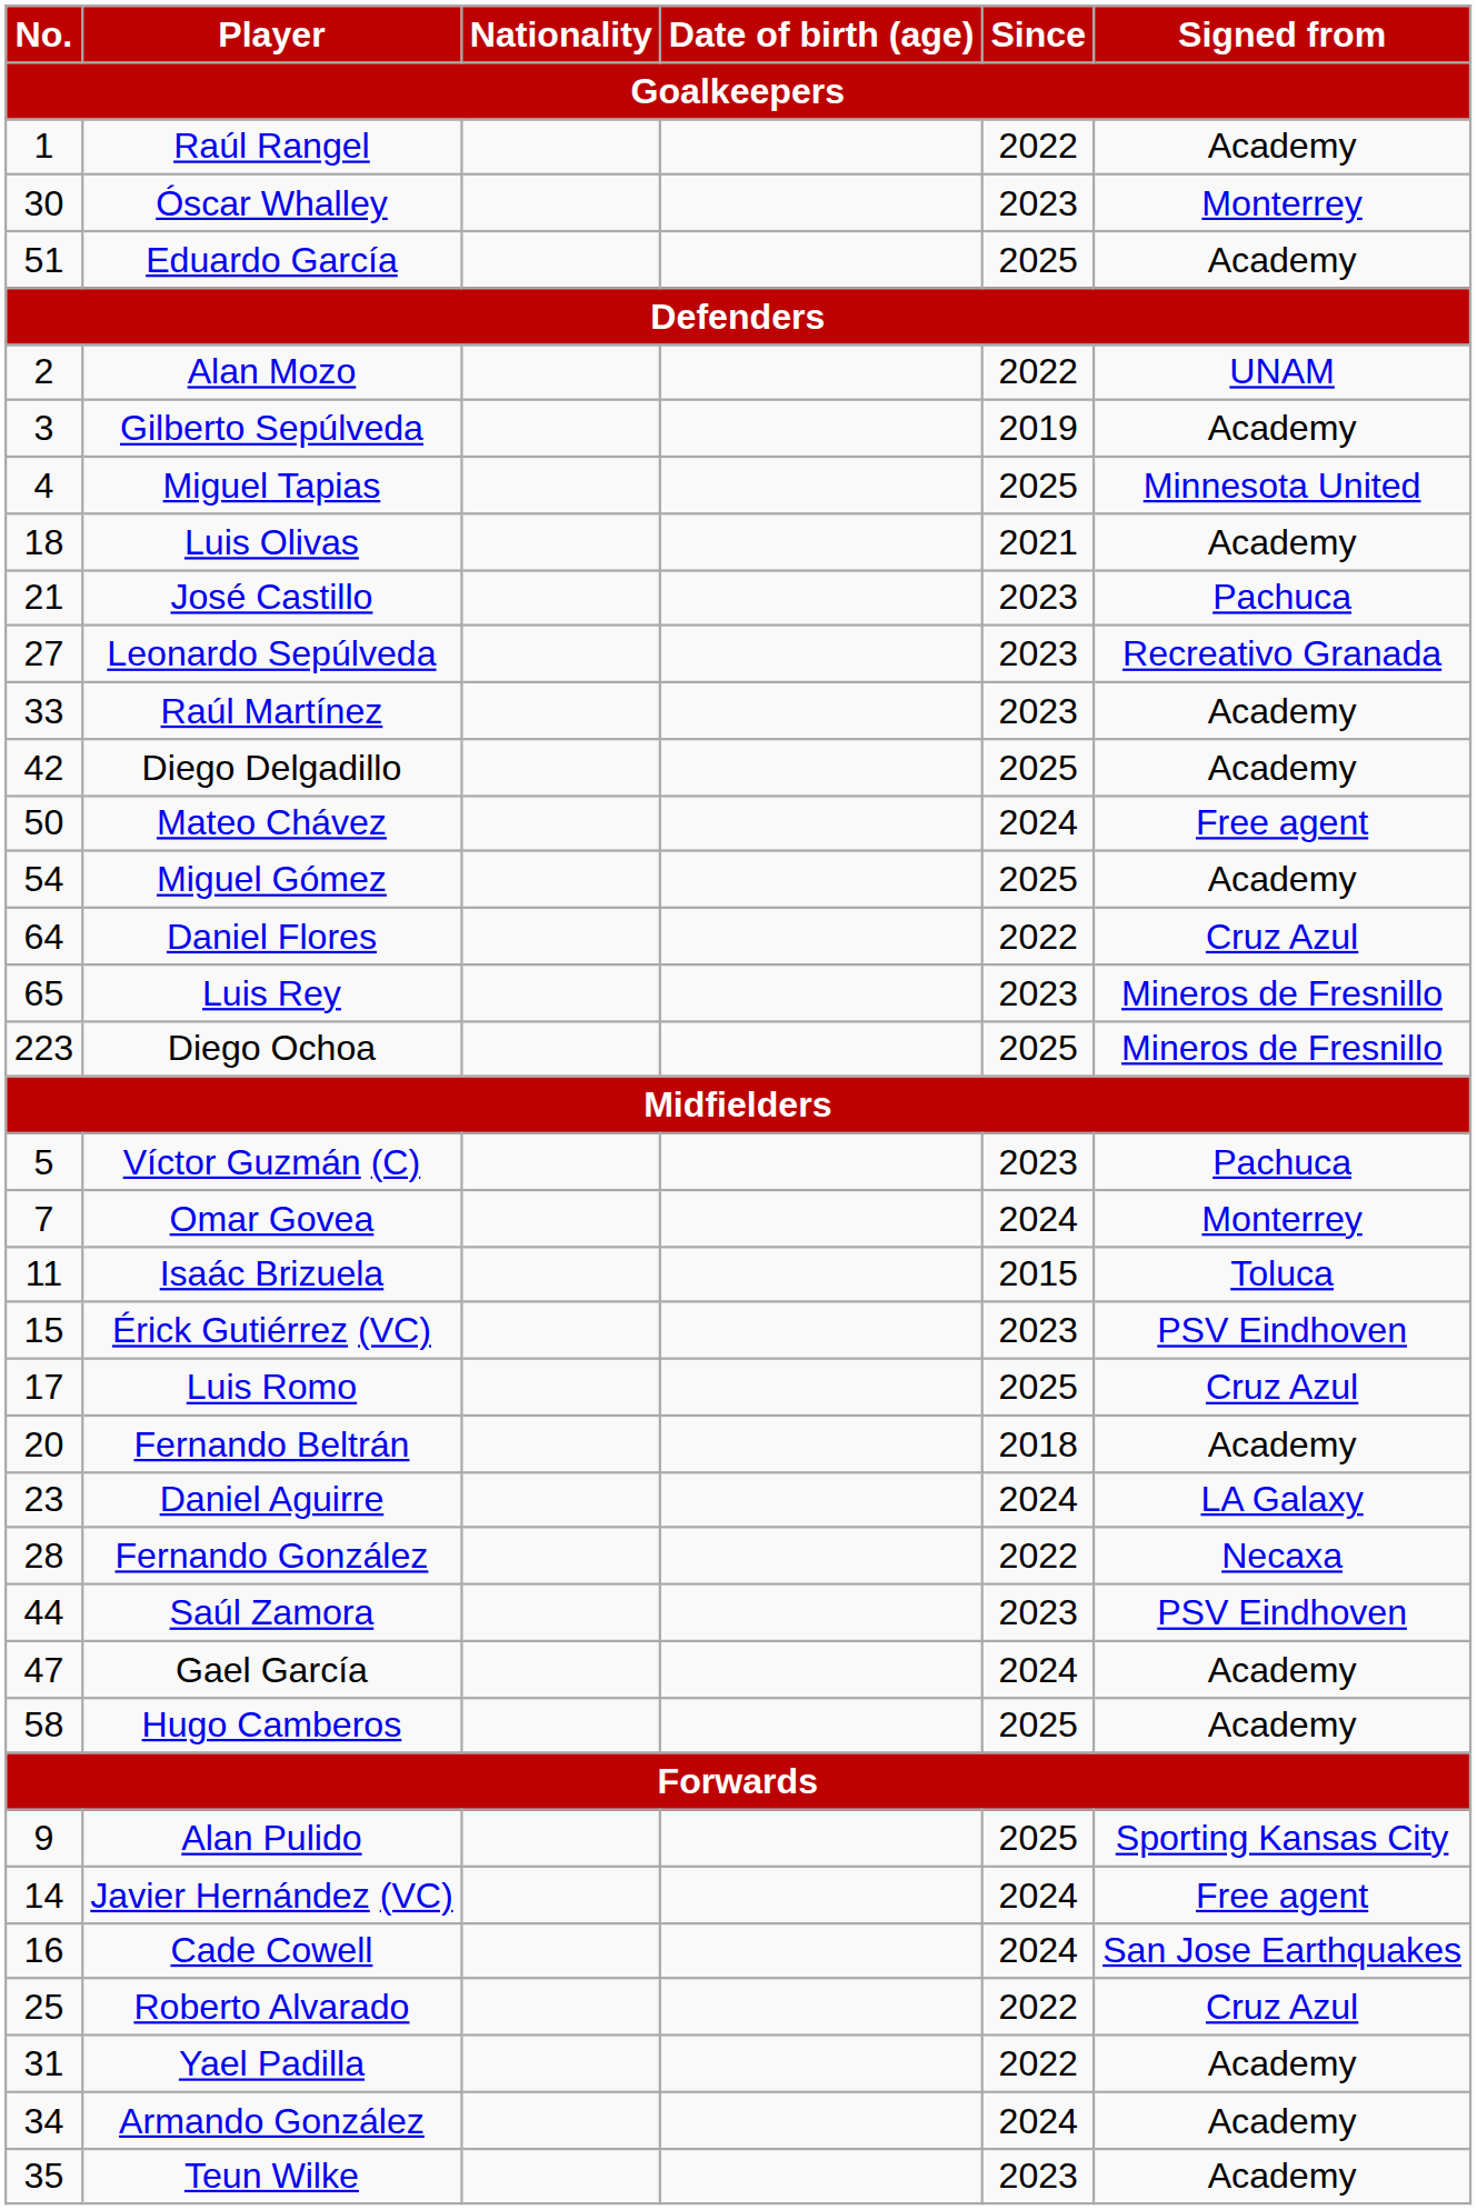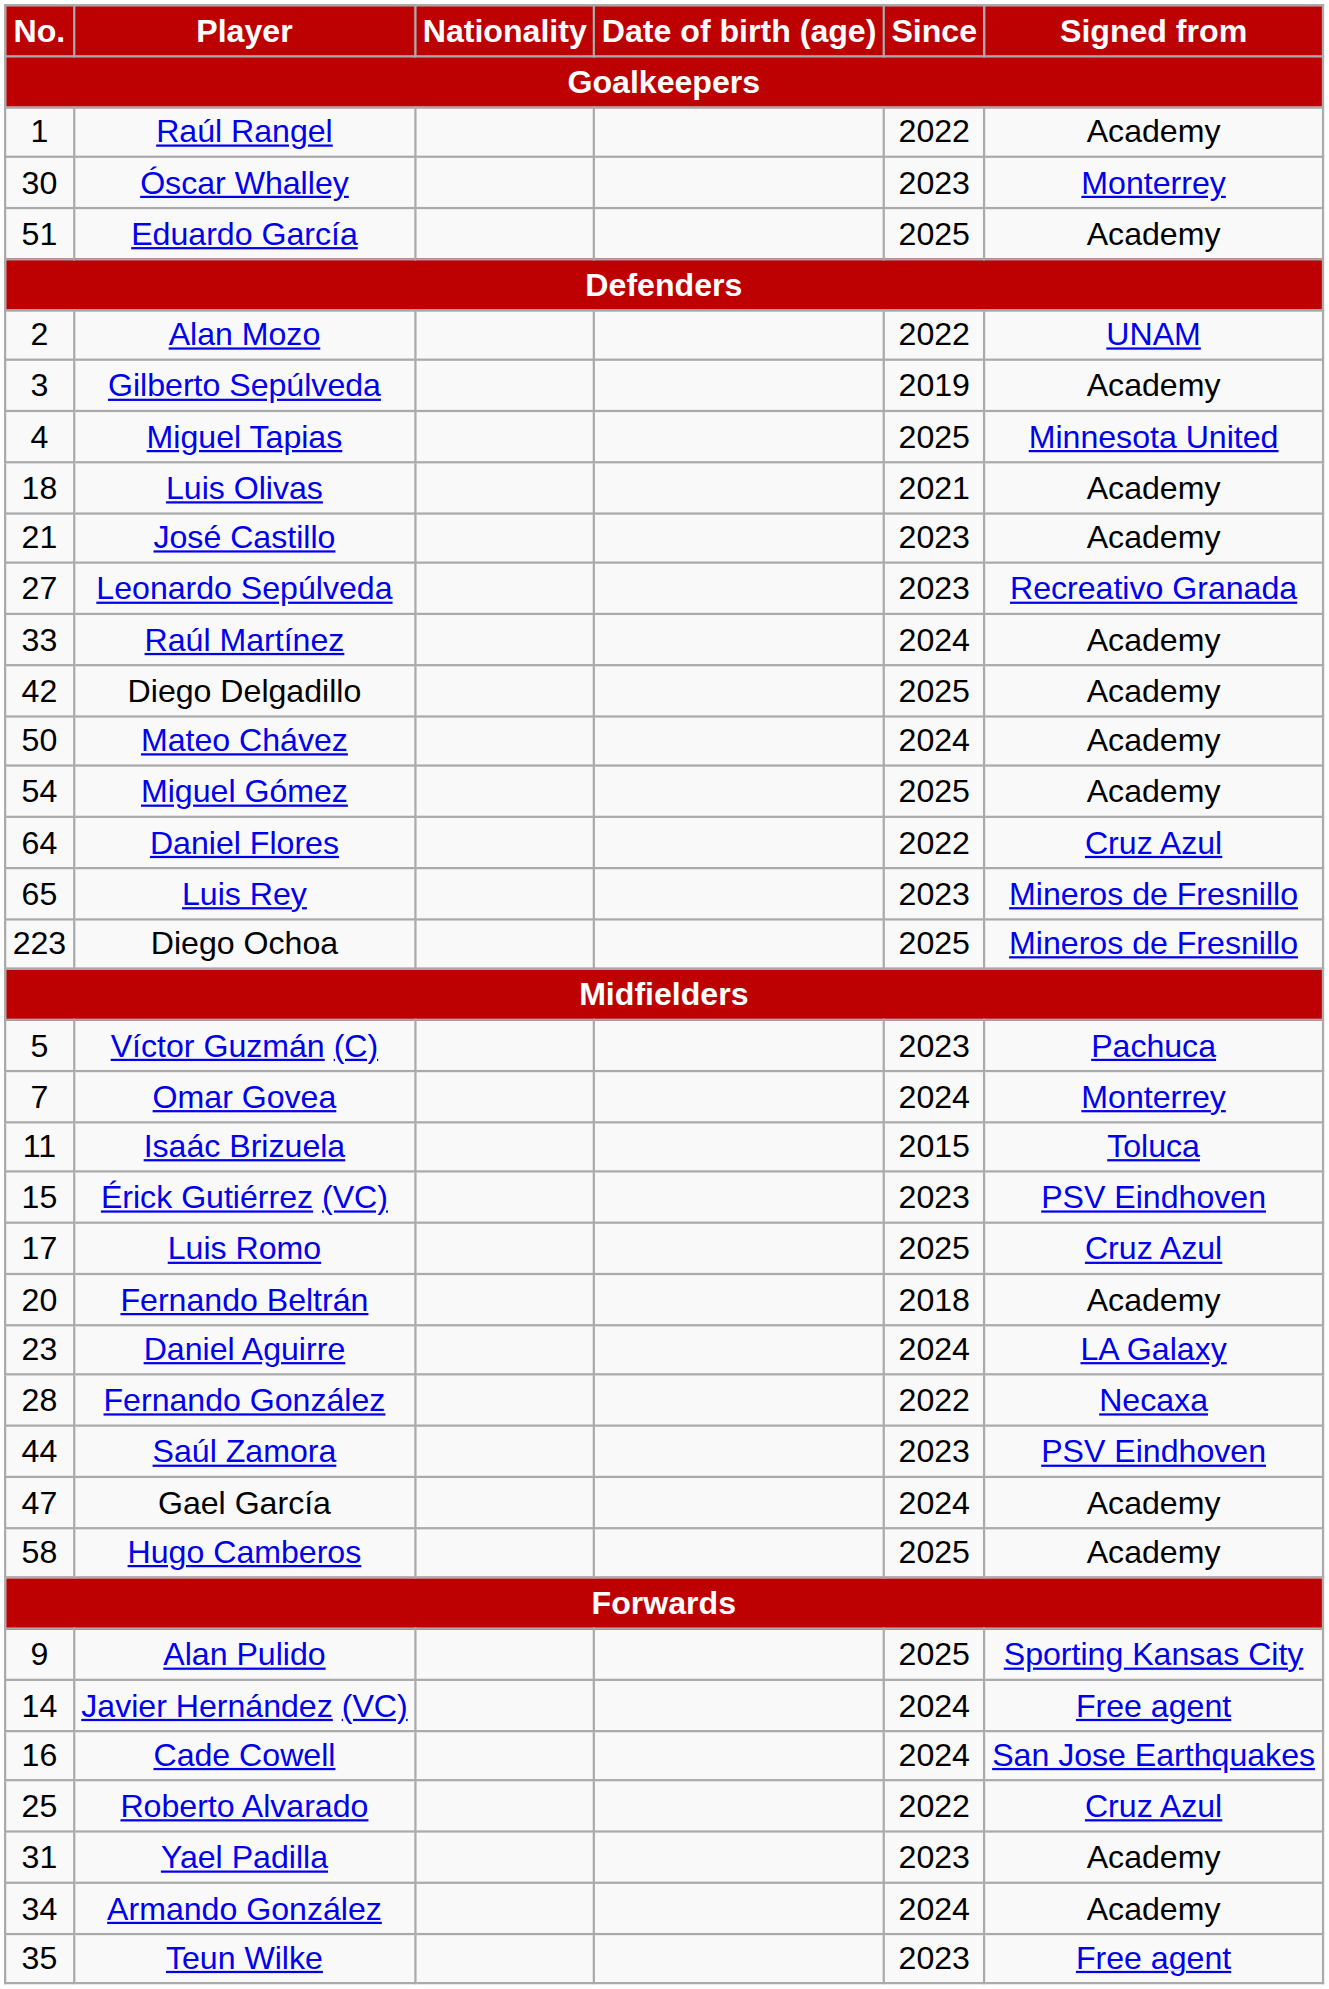 <table class="wikitable sortable" style="text-align:center; font-size:90%; white-space:nowrap;">
 <tr>
 <th style="background:#bd0102; color:white; text-align:center;">No.</th>
 <th style="background:#bd0102; color:white; text-align:center;">Player</th>
 <th style="background:#bd0102; color:white; text-align:center;">Nationality</th>
 <th style="background:#bd0102; color:white; text-align:center;">Date of birth (age)</th>
 <th style="background:#bd0102; color:white; text-align:center;">Since</th>
 <th style="background:#bd0102; color:white; text-align:center;">Signed from</th>
 </tr>
 <tr>
 <th colspan="10" style="background:#bd0102; color:white; text-align:center;"><strong>Goalkeepers</strong></th>
 </tr>
 <tr>
 <td>1</td>
 <td><a href='#'>Raúl Rangel</a></td>
 <td></td>
 <td></td>
 <td>2022</td>
 <td>Academy</td>
 </tr>
 <tr>
 <td>30</td>
 <td><a href='#'>Óscar Whalley</a></td>
 <td></td>
 <td></td>
 <td>2023</td>
 <td><a href='#'>Monterrey</a></td>
 </tr>
 <tr>
 <td>51</td>
 <td><a href='#'>Eduardo García</a></td>
 <td></td>
 <td></td>
 <td>2025</td>
 <td>Academy</td>
 </tr>
 <tr>
 <th colspan="10" style="background:#bd0102; color:white; text-align:center;"><strong>Defenders</strong></th>
 </tr>
 <tr>
 <td>2</td>
 <td><a href='#'>Alan Mozo</a></td>
 <td></td>
 <td></td>
 <td>2022</td>
 <td><a href='#'>UNAM</a></td>
 </tr>
 <tr>
 <td>3</td>
 <td><a href='#'>Gilberto Sepúlveda</a></td>
 <td></td>
 <td></td>
 <td>2019</td>
 <td>Academy</td>
 </tr>
 <tr>
 <td>4</td>
 <td><a href='#'>Miguel Tapias</a></td>
 <td></td>
 <td></td>
 <td>2025</td>
 <td> <a href='#'>Minnesota United</a></td>
 </tr>
 <tr>
 <td>18</td>
 <td><a href='#'>Luis Olivas</a></td>
 <td></td>
 <td></td>
 <td>2021</td>
 <td>Academy</td>
 </tr>
 <tr>
 <td>21</td>
 <td><a href='#'>José Castillo</a></td>
 <td></td>
 <td></td>
 <td>2023</td>
-<td><a href='#'>Pachuca</a></td>
+<td>Academy</td>
 </tr>
 <tr>
 <td>27</td>
 <td><a href='#'>Leonardo Sepúlveda</a></td>
 <td></td>
 <td></td>
 <td>2023</td>
 <td> <a href='#'>Recreativo Granada</a></td>
 </tr>
 <tr>
 <td>33</td>
 <td><a href='#'>Raúl Martínez</a></td>
 <td></td>
 <td></td>
-<td>2023</td>
+<td>2024</td>
 <td>Academy</td>
 </tr>
 <tr>
 <td>42</td>
 <td>Diego Delgadillo</td>
 <td></td>
 <td></td>
 <td>2025</td>
 <td>Academy</td>
 </tr>
 <tr>
 <td>50</td>
 <td><a href='#'>Mateo Chávez</a></td>
 <td></td>
 <td></td>
 <td>2024</td>
-<td><a href='#'>Free agent</a></td>
+<td>Academy</td>
 </tr>
 <tr>
 <td>54</td>
 <td><a href='#'>Miguel Gómez</a></td>
 <td></td>
 <td></td>
 <td>2025</td>
 <td>Academy</td>
 </tr>
 <tr>
 <td>64</td>
 <td><a href='#'>Daniel Flores</a></td>
 <td></td>
 <td></td>
 <td>2022</td>
 <td><a href='#'>Cruz Azul</a></td>
 </tr>
 <tr>
 <td>65</td>
 <td><a href='#'>Luis Rey</a></td>
 <td></td>
 <td></td>
 <td>2023</td>
 <td><a href='#'> Mineros de Fresnillo</a></td>
 </tr>
 <tr>
 <td>223</td>
 <td>Diego Ochoa</td>
 <td></td>
 <td></td>
 <td>2025</td>
 <td><a href='#'> Mineros de Fresnillo</a></td>
 </tr>
 <tr>
 <th colspan="10" style="background:#bd0102; color:white; text-align:center;"><strong>Midfielders</strong></th>
 </tr>
 <tr>
 <td>5</td>
 <td><a href='#'>Víctor Guzmán</a> <a href='#'>(C)</a></td>
 <td></td>
 <td></td>
 <td>2023</td>
 <td><a href='#'>Pachuca</a></td>
 </tr>
 <tr>
 <td>7</td>
 <td><a href='#'>Omar Govea</a></td>
 <td></td>
 <td></td>
 <td>2024</td>
 <td><a href='#'>Monterrey</a></td>
 </tr>
 <tr>
 <td>11</td>
 <td><a href='#'>Isaác Brizuela</a></td>
 <td></td>
 <td></td>
 <td>2015</td>
 <td><a href='#'>Toluca</a></td>
 </tr>
 <tr>
 <td>15</td>
 <td><a href='#'>Érick Gutiérrez</a> <a href='#'>(VC)</a></td>
 <td></td>
 <td></td>
 <td>2023</td>
 <td> <a href='#'>PSV Eindhoven</a></td>
 </tr>
 <tr>
 <td>17</td>
 <td><a href='#'>Luis Romo</a></td>
 <td></td>
 <td></td>
 <td>2025</td>
 <td><a href='#'>Cruz Azul</a></td>
 </tr>
 <tr>
 <td>20</td>
 <td><a href='#'>Fernando Beltrán</a></td>
 <td></td>
 <td></td>
 <td>2018</td>
 <td>Academy</td>
 </tr>
 <tr>
 <td>23</td>
 <td><a href='#'>Daniel Aguirre</a></td>
 <td></td>
 <td></td>
 <td>2024</td>
 <td> <a href='#'>LA Galaxy</a></td>
 </tr>
 <tr>
 <td>28</td>
 <td><a href='#'>Fernando González</a></td>
 <td></td>
 <td></td>
 <td>2022</td>
 <td><a href='#'>Necaxa</a></td>
 </tr>
 <tr>
 <td>44</td>
 <td><a href='#'>Saúl Zamora</a></td>
 <td></td>
 <td></td>
 <td>2023</td>
 <td> <a href='#'>PSV Eindhoven</a></td>
 </tr>
 <tr>
 <td>47</td>
 <td>Gael García</td>
 <td></td>
 <td></td>
 <td>2024</td>
 <td>Academy</td>
 </tr>
 <tr>
 <td>58</td>
 <td><a href='#'>Hugo Camberos</a></td>
 <td></td>
 <td></td>
 <td>2025</td>
 <td>Academy</td>
 </tr>
 <tr>
 <th colspan="10" style="background:#bd0102; color:white; text-align:center;"><strong>Forwards</strong></th>
 </tr>
 <tr>
 <td>9</td>
 <td><a href='#'>Alan Pulido</a></td>
 <td></td>
 <td></td>
 <td>2025</td>
 <td> <a href='#'>Sporting Kansas City</a></td>
 </tr>
 <tr>
 <td>14</td>
 <td><a href='#'>Javier Hernández</a> <a href='#'>(VC)</a></td>
 <td></td>
 <td></td>
 <td>2024</td>
 <td><a href='#'>Free agent</a></td>
 </tr>
 <tr>
 <td>16</td>
 <td><a href='#'>Cade Cowell</a></td>
 <td></td>
 <td></td>
 <td>2024</td>
 <td> <a href='#'>San Jose Earthquakes</a></td>
 </tr>
 <tr>
 <td>25</td>
 <td><a href='#'>Roberto Alvarado</a></td>
 <td></td>
 <td></td>
 <td>2022</td>
 <td><a href='#'>Cruz Azul</a></td>
 </tr>
 <tr>
 <td>31</td>
 <td><a href='#'>Yael Padilla</a></td>
 <td></td>
 <td></td>
-<td>2022</td>
+<td>2023</td>
 <td>Academy</td>
 </tr>
 <tr>
 <td>34</td>
 <td><a href='#'>Armando González</a></td>
 <td></td>
 <td></td>
 <td>2024</td>
 <td>Academy</td>
 </tr>
 <tr>
 <td>35</td>
 <td><a href='#'>Teun Wilke</a></td>
 <td></td>
 <td></td>
 <td>2023</td>
-<td>Academy</td>
+<td><a href='#'>Free agent</a></td>
 </tr>
 </table>
